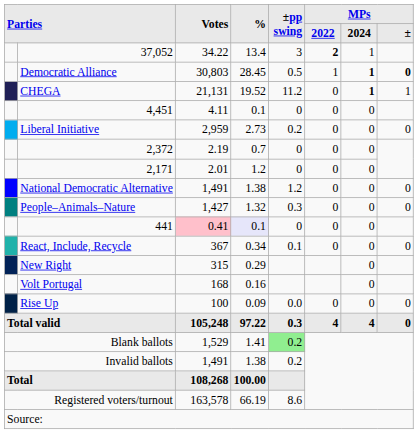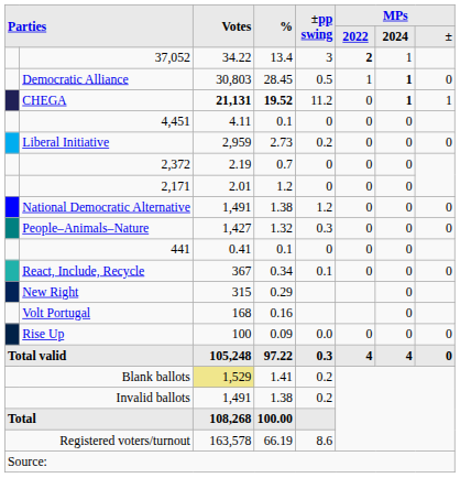 <table class="wikitable" style="text-align:right; font-size:95%;">
 <tr>
 <th rowspan="2" colspan="2" style="background:#e9e9e9; text-align:left;" alignleft><a href='#'>Parties</a></th>
 <th rowspan="2" style="background:#e9e9e9; text-align:right;">Votes</th>
 <th rowspan="2" style="background:#e9e9e9; text-align:right;">%</th>
 <th rowspan="2" style="background:#e9e9e9; text-align:right;">±<a href='#'>pp</a> <a href='#'>swing</a></th>
 <th colspan="3" style="background:#e9e9e9; text-align:center;"><a href='#'>MPs</a></th>
 </tr>
 <tr style="background-color:#E9E9E9">
 <th style="background-color:#E9E9E9;text-align:center;"><a href='#'>2022</a></th>
 <th style="background-color:#E9E9E9;text-align:center;">2024</th>
 <th style="background:#e9e9e9; text-align:right;">±</th>
 </tr>
 <tr>
 <td></td>
 <td>37,052</td>
 <td>34.22</td>
 <td>13.4</td>
 <td>3</td>
 <td><strong>2</strong></td>
 <td>1</td>
 </tr>
 <tr>
 <td style="width: 10px"></td>
 <td align="left"><a href='#'>Democratic Alliance</a> </td>
 <td>30,803</td>
 <td>28.45</td>
 <td>0.5</td>
 <td>1</td>
 <td><strong>1</strong></td>
-<td><strong>0</strong></td>
+<td>0</td>
 </tr>
 <tr>
 <td style="width: 10px" bgcolor="#202056" align="center"></td>
 <td align="left"><a href='#'>CHEGA</a></td>
-<td>21,131</td>
-<td>19.52</td>
+<td><strong>21,131</strong></td>
+<td><strong>19.52</strong></td>
 <td>11.2</td>
 <td>0</td>
 <td><strong>1</strong></td>
 <td>1</td>
 </tr>
 <tr>
 <td></td>
 <td>4,451</td>
 <td>4.11</td>
 <td>0.1</td>
 <td>0</td>
 <td>0</td>
 <td>0</td>
 </tr>
 <tr>
 <td style="width: 10px" bgcolor="#00ADEF" align="center"></td>
 <td align="left"><a href='#'>Liberal Initiative</a></td>
 <td>2,959</td>
 <td>2.73</td>
 <td>0.2</td>
 <td>0</td>
 <td>0</td>
 <td>0</td>
 </tr>
 <tr>
 <td></td>
 <td>2,372</td>
 <td>2.19</td>
 <td>0.7</td>
 <td>0</td>
 <td>0</td>
 <td>0</td>
 </tr>
 <tr>
 <td></td>
 <td>2,171</td>
 <td>2.01</td>
 <td>1.2</td>
 <td>0</td>
 <td>0</td>
 <td>0</td>
 </tr>
 <tr>
 <td style="width: 10px" bgcolor="blue" align="center"></td>
 <td align="left"><a href='#'>National Democratic Alternative</a></td>
 <td>1,491</td>
 <td>1.38</td>
 <td>1.2</td>
 <td>0</td>
 <td>0</td>
 <td>0</td>
 </tr>
 <tr>
 <td style="width: 10px" bgcolor="teal" align="center"></td>
 <td align="left"><a href='#'>People–Animals–Nature</a></td>
 <td>1,427</td>
 <td>1.32</td>
 <td>0.3</td>
 <td>0</td>
 <td>0</td>
 <td>0</td>
 </tr>
 <tr>
 <td></td>
 <td>441</td>
-<td style="background: pink;">0.41</td>
-<td style="background: lavender;">0.1</td>
+<td>0.41</td>
+<td>0.1</td>
 <td>0</td>
 <td>0</td>
 <td>0</td>
 </tr>
 <tr>
 <td style="width: 10px" bgcolor="LightSeaGreen" align="center"></td>
 <td align="left"><a href='#'>React, Include, Recycle</a></td>
 <td>367</td>
 <td>0.34</td>
 <td>0.1</td>
 <td>0</td>
 <td>0</td>
 <td>0</td>
 </tr>
 <tr>
 <td style="width: 10px" bgcolor="#012257" align="center"></td>
 <td align="left"><a href='#'>New Right</a></td>
 <td>315</td>
 <td>0.29</td>
 <td></td>
 <td></td>
 <td>0</td>
 <td></td>
 </tr>
 <tr>
 <td style="width: 10px"></td>
 <td align="left"><a href='#'>Volt Portugal</a></td>
 <td>168</td>
 <td>0.16</td>
 <td></td>
 <td></td>
 <td>0</td>
 <td></td>
 </tr>
 <tr>
 <td style="width: 10px" bgcolor="#002147" align="center"></td>
 <td align="left"><a href='#'>Rise Up</a></td>
 <td>100</td>
 <td>0.09</td>
 <td>0.0</td>
 <td>0</td>
 <td>0</td>
 <td>0</td>
 </tr>
 <tr>
 <td colspan=2 align=left style="background-color:#E9E9E9"><strong>Total valid</strong></td>
 <td width="65" align="right" style="background-color:#E9E9E9"><strong>105,248</strong></td>
 <td width="40" align="right" style="background-color:#E9E9E9"><strong>97.22</strong></td>
 <td width="40" align="right" style="background-color:#E9E9E9"><strong>0.3</strong></td>
 <td width="40" align="right" style="background-color:#E9E9E9"><strong>4</strong></td>
 <td width="40" align="right" style="background-color:#E9E9E9"><strong>4</strong></td>
 <td width="40" align="right" style="background-color:#E9E9E9"><strong>0</strong></td>
 </tr>
 <tr>
 <td colspan=2>Blank ballots</td>
-<td>1,529</td>
+<td style="background: khaki;">1,529</td>
 <td>1.41</td>
-<td style="background: lightgreen;">0.2</td>
+<td>0.2</td>
 <td colspan="3" rowspan="4"></td>
 </tr>
 <tr>
 <td colspan=2>Invalid ballots</td>
 <td>1,491</td>
 <td>1.38</td>
 <td>0.2</td>
 </tr>
 <tr>
 <td colspan=2 align=left style="background-color:#E9E9E9"><strong>Total</strong></td>
 <td width="50" align="right" style="background-color:#E9E9E9"><strong>108,268</strong></td>
 <td width="40" align="right" style="background-color:#E9E9E9"><strong>100.00</strong></td>
 <td width="40" align="right" style="background-color:#E9E9E9"></td>
 </tr>
 <tr>
 <td colspan=2>Registered voters/turnout</td>
 <td>163,578</td>
 <td>66.19</td>
 <td>8.6</td>
 </tr>
 <tr>
 <td colspan=8 align=left>Source: </td>
 </tr>
 </table>
